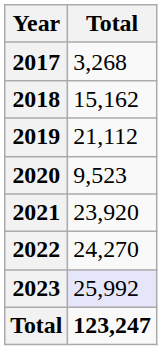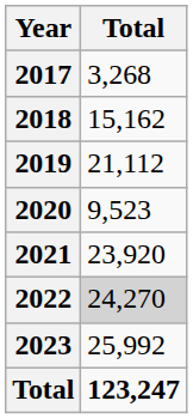 <table class="wikitable">
 <tr>
 <th>Year</th>
 <th>Total</th>
 </tr>
 <tr>
 <th>2017</th>
 <td>3,268</td>
 </tr>
 <tr>
 <th>2018</th>
 <td>15,162</td>
 </tr>
 <tr>
 <th>2019</th>
 <td>21,112</td>
 </tr>
 <tr>
 <th>2020</th>
 <td>9,523</td>
 </tr>
 <tr>
 <th>2021</th>
 <td>23,920</td>
 </tr>
 <tr>
 <th>2022</th>
-<td>24,270</td>
+<td style="background: lightgrey;">24,270</td>
 </tr>
 <tr>
 <th>2023</th>
-<td style="background: lavender;">25,992</td>
+<td>25,992</td>
 </tr>
 <tr>
 <th><strong>Total</strong></th>
 <td><strong>123,247</strong></td>
 </tr>
 </table>
